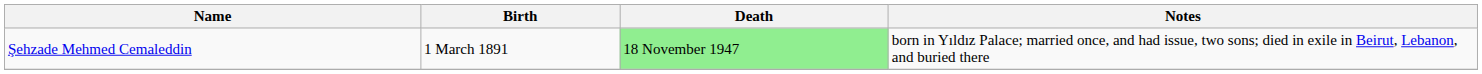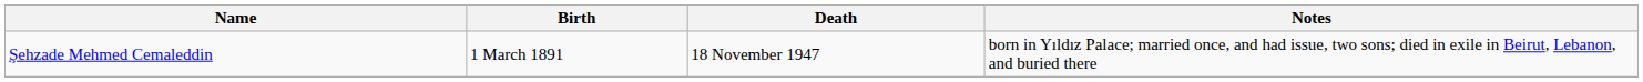 <table class="wikitable">
 <tr>
 <th>Name</th>
 <th>Birth</th>
 <th>Death</th>
 <th style="width:40%;">Notes</th>
 </tr>
 <tr>
 <td><a href='#'>Şehzade Mehmed Cemaleddin</a></td>
 <td>1 March 1891</td>
-<td style="background: lightgreen;">18 November 1947</td>
+<td>18 November 1947</td>
 <td>born in Yıldız Palace; married once, and had issue, two sons; died in exile in <a href='#'>Beirut</a>, <a href='#'>Lebanon</a>, and buried there</td>
 </tr>
 <tr>
 </tr>
 </table>
